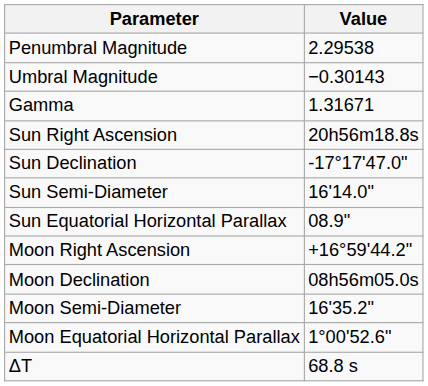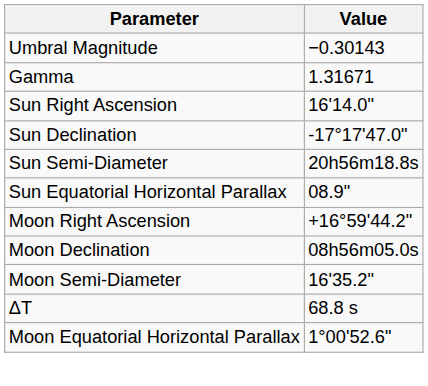 <table class="wikitable">
 <tr>
 <th>Parameter</th>
 <th>Value</th>
-</tr>
-<tr>
-<td>Penumbral Magnitude</td>
-<td>2.29538</td>
 </tr>
 <tr>
 <td>Umbral Magnitude</td>
 <td>−0.30143</td>
 </tr>
 <tr>
 <td>Gamma</td>
 <td>1.31671</td>
 </tr>
 <tr>
 <td>Sun Right Ascension</td>
-<td>20h56m18.8s</td>
+<td>16'14.0"</td>
 </tr>
 <tr>
 <td>Sun Declination</td>
 <td>-17°17'47.0"</td>
 </tr>
 <tr>
 <td>Sun Semi-Diameter</td>
-<td>16'14.0"</td>
+<td>20h56m18.8s</td>
 </tr>
 <tr>
 <td>Sun Equatorial Horizontal Parallax</td>
 <td>08.9"</td>
 </tr>
 <tr>
 <td>Moon Right Ascension</td>
 <td>+16°59'44.2"</td>
 </tr>
 <tr>
 <td>Moon Declination</td>
 <td>08h56m05.0s</td>
 </tr>
 <tr>
 <td>Moon Semi-Diameter</td>
 <td>16'35.2"</td>
 </tr>
 <tr>
+<td>ΔT</td>
+<td>68.8 s</td>
+</tr>
+<tr>
 <td>Moon Equatorial Horizontal Parallax</td>
 <td>1°00'52.6"</td>
 </tr>
-<tr>
-<td>ΔT</td>
-<td>68.8 s</td>
-</tr>
 </table>
